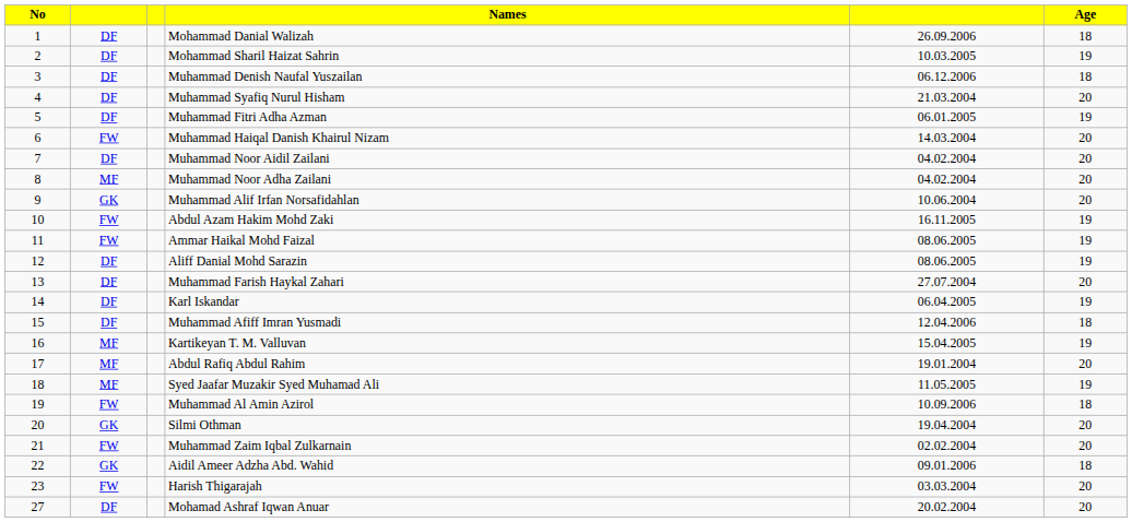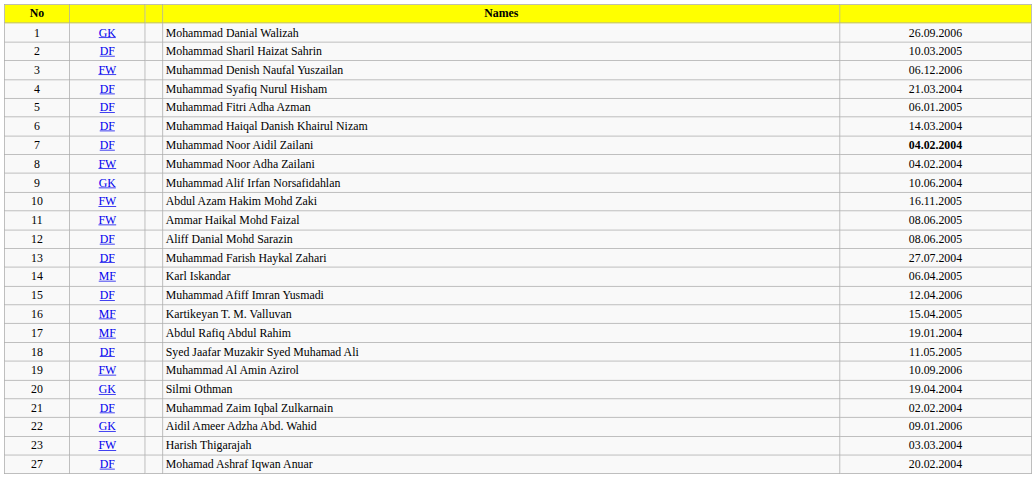 <table class="wikitable" style="text-align:center; width:70%">
 <tr>
 <th style="background:yellow">No</th>
 <th style="background:yellow"></th>
 <th style="background:yellow"></th>
 <th style="background:yellow">Names</th>
 <th style="background:yellow"></th>
-<th style="background:yellow">Age</th>
 </tr>
 <tr>
 <td>1</td>
-<td><a href='#'>DF</a></td>
+<td><a href='#'>GK</a></td>
 <td></td>
 <td align="left">Mohammad Danial Walizah</td>
 <td>26.09.2006</td>
-<td>18</td>
 </tr>
 <tr>
 <td>2</td>
 <td><a href='#'>DF</a></td>
 <td></td>
 <td align="left">Mohammad Sharil Haizat Sahrin</td>
 <td>10.03.2005</td>
-<td>19</td>
 </tr>
 <tr>
 <td>3</td>
-<td><a href='#'>DF</a></td>
+<td><a href='#'>FW</a></td>
 <td></td>
 <td align="left">Muhammad Denish Naufal Yuszailan</td>
 <td>06.12.2006</td>
-<td>18</td>
 </tr>
 <tr>
 <td>4</td>
 <td><a href='#'>DF</a></td>
 <td></td>
 <td align="left">Muhammad Syafiq Nurul Hisham</td>
 <td>21.03.2004</td>
-<td>20</td>
 </tr>
 <tr>
 <td>5</td>
 <td><a href='#'>DF</a></td>
 <td></td>
 <td align="left">Muhammad Fitri Adha Azman</td>
 <td>06.01.2005</td>
-<td>19</td>
 </tr>
 <tr>
 <td>6</td>
-<td><a href='#'>FW</a></td>
+<td><a href='#'>DF</a></td>
 <td></td>
 <td align="left">Muhammad Haiqal Danish Khairul Nizam</td>
 <td>14.03.2004</td>
-<td>20</td>
 </tr>
 <tr>
 <td>7</td>
 <td><a href='#'>DF</a></td>
 <td></td>
 <td align="left">Muhammad Noor Aidil Zailani</td>
-<td>04.02.2004</td>
-<td>20</td>
+<td><strong>04.02.2004</strong></td>
 </tr>
 <tr>
 <td>8</td>
-<td><a href='#'>MF</a></td>
+<td><a href='#'>FW</a></td>
 <td></td>
 <td align="left">Muhammad Noor Adha Zailani</td>
 <td>04.02.2004</td>
-<td>20</td>
 </tr>
 <tr>
 <td>9</td>
 <td><a href='#'>GK</a></td>
 <td></td>
 <td align="left">Muhammad Alif Irfan Norsafidahlan</td>
 <td>10.06.2004</td>
-<td>20</td>
 </tr>
 <tr>
 <td>10</td>
 <td><a href='#'>FW</a></td>
 <td></td>
 <td align="left">Abdul Azam Hakim Mohd Zaki</td>
 <td>16.11.2005</td>
-<td>19</td>
 </tr>
 <tr>
 <td>11</td>
 <td><a href='#'>FW</a></td>
 <td></td>
 <td align="left">Ammar Haikal Mohd Faizal</td>
 <td>08.06.2005</td>
-<td>19</td>
 </tr>
 <tr>
 <td>12</td>
 <td><a href='#'>DF</a></td>
 <td></td>
 <td align="left">Aliff Danial Mohd Sarazin</td>
 <td>08.06.2005</td>
-<td>19</td>
 </tr>
 <tr>
 <td>13</td>
 <td><a href='#'>DF</a></td>
 <td></td>
 <td align="left">Muhammad Farish Haykal Zahari</td>
 <td>27.07.2004</td>
-<td>20</td>
 </tr>
 <tr>
 <td>14</td>
-<td><a href='#'>DF</a></td>
+<td><a href='#'>MF</a></td>
 <td></td>
 <td align="left">Karl Iskandar</td>
 <td>06.04.2005</td>
-<td>19</td>
 </tr>
 <tr>
 <td>15</td>
 <td><a href='#'>DF</a></td>
 <td></td>
 <td align="left">Muhammad Afiff Imran Yusmadi</td>
 <td>12.04.2006</td>
-<td>18</td>
 </tr>
 <tr>
 <td>16</td>
 <td><a href='#'>MF</a></td>
 <td></td>
 <td align="left">Kartikeyan T. M. Valluvan</td>
 <td>15.04.2005</td>
-<td>19</td>
 </tr>
 <tr>
 <td>17</td>
 <td><a href='#'>MF</a></td>
 <td></td>
 <td align="left">Abdul Rafiq Abdul Rahim</td>
 <td>19.01.2004</td>
-<td>20</td>
 </tr>
 <tr>
 <td>18</td>
-<td><a href='#'>MF</a></td>
+<td><a href='#'>DF</a></td>
 <td></td>
 <td align="left">Syed Jaafar Muzakir Syed Muhamad Ali</td>
 <td>11.05.2005</td>
-<td>19</td>
 </tr>
 <tr>
 <td>19</td>
 <td><a href='#'>FW</a></td>
 <td></td>
 <td align="left">Muhammad Al Amin Azirol</td>
 <td>10.09.2006</td>
-<td>18</td>
 </tr>
 <tr>
 <td>20</td>
 <td><a href='#'>GK</a></td>
 <td></td>
 <td align="left">Silmi Othman</td>
 <td>19.04.2004</td>
-<td>20</td>
 </tr>
 <tr>
 <td>21</td>
-<td><a href='#'>FW</a></td>
+<td><a href='#'>DF</a></td>
 <td></td>
 <td align="left">Muhammad Zaim Iqbal Zulkarnain</td>
 <td>02.02.2004</td>
-<td>20</td>
 </tr>
 <tr>
 <td>22</td>
 <td><a href='#'>GK</a></td>
 <td></td>
 <td align="left">Aidil Ameer Adzha Abd. Wahid</td>
 <td>09.01.2006</td>
-<td>18</td>
 </tr>
 <tr>
 <td>23</td>
 <td><a href='#'>FW</a></td>
 <td></td>
 <td align="left">Harish Thigarajah</td>
 <td>03.03.2004</td>
-<td>20</td>
 </tr>
 <tr>
 <td>27</td>
 <td><a href='#'>DF</a></td>
 <td></td>
 <td align="left">Mohamad Ashraf Iqwan Anuar</td>
 <td>20.02.2004</td>
-<td>20</td>
 </tr>
 </table>
